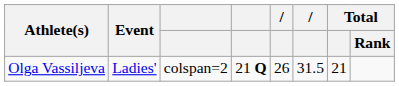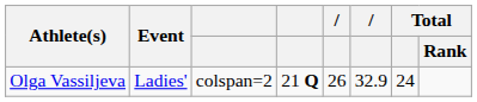 <table class="wikitable" style="font-size:90%">
 <tr>
 <th rowspan="2">Athlete(s)</th>
 <th rowspan="2">Event</th>
 <th></th>
 <th></th>
 <th>/</th>
 <th>/</th>
 <th colspan="2">Total</th>
 </tr>
 <tr>
 <th></th>
 <th></th>
 <th></th>
 <th></th>
 <th></th>
 <th>Rank</th>
 </tr>
 <tr align="center">
 <td align="left"><a href='#'>Olga Vassiljeva</a></td>
 <td align="left"><a href='#'>Ladies'</a></td>
 <td>colspan=2 </td>
 <td>21 <strong>Q</strong></td>
 <td>26</td>
-<td>31.5</td>
-<td>21</td>
+<td>32.9</td>
+<td>24</td>
 </tr>
 </table>
